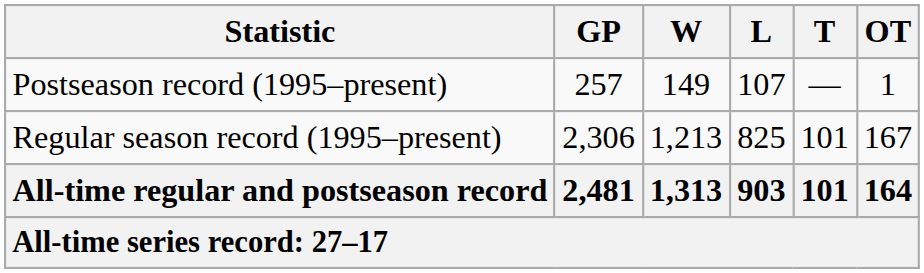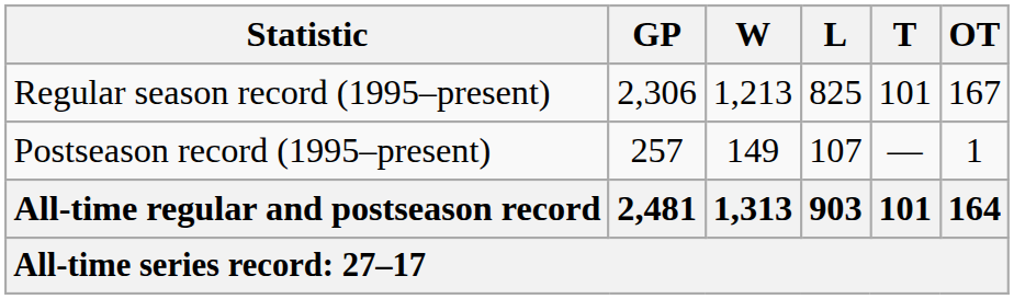 <table class="wikitable" style="text-align:center; font-size:95%">
 <tr>
 <th>Statistic</th>
 <th>GP</th>
 <th>W</th>
 <th>L</th>
 <th>T</th>
 <th>OT</th>
 </tr>
 <tr>
+<td style="text-align:left;">Regular season record (1995–present)</td>
+<td>2,306</td>
+<td>1,213</td>
+<td>825</td>
+<td>101</td>
+<td>167</td>
+</tr>
+<tr>
 <td style="text-align:left;">Postseason record (1995–present)</td>
 <td>257</td>
 <td>149</td>
 <td>107</td>
 <td>—</td>
 <td>1</td>
-</tr>
-<tr>
-<td style="text-align:left;">Regular season record (1995–present)</td>
-<td>2,306</td>
-<td>1,213</td>
-<td>825</td>
-<td>101</td>
-<td>167</td>
 </tr>
 <tr>
 <th style="text-align:left;">All-time regular and postseason record</th>
 <th>2,481</th>
 <th>1,313</th>
 <th>903</th>
 <th>101</th>
 <th>164</th>
 </tr>
 <tr>
 <th colspan="6" style="text-align:left; font-size:95%">All-time series record: 27–17</th>
 </tr>
 </table>
